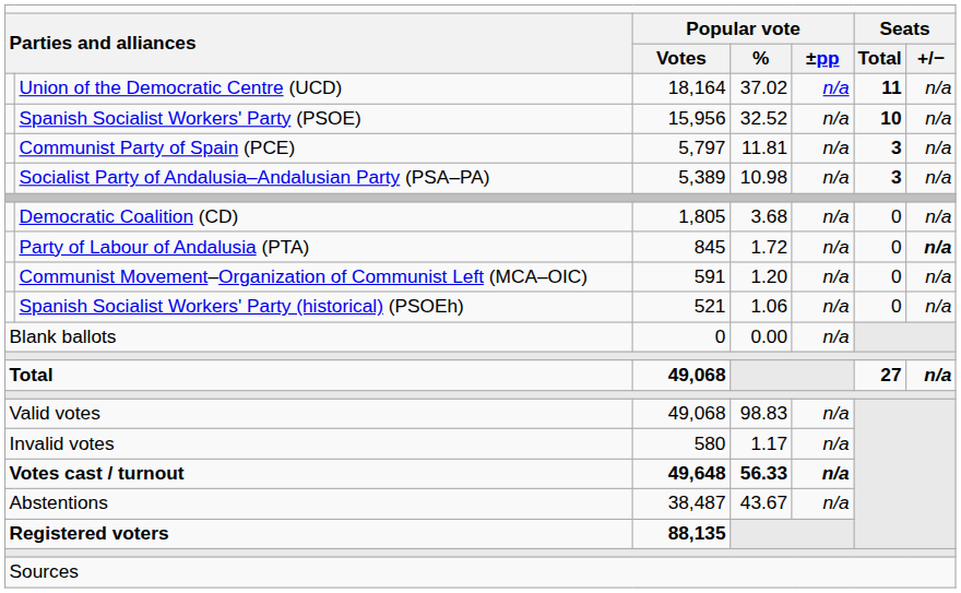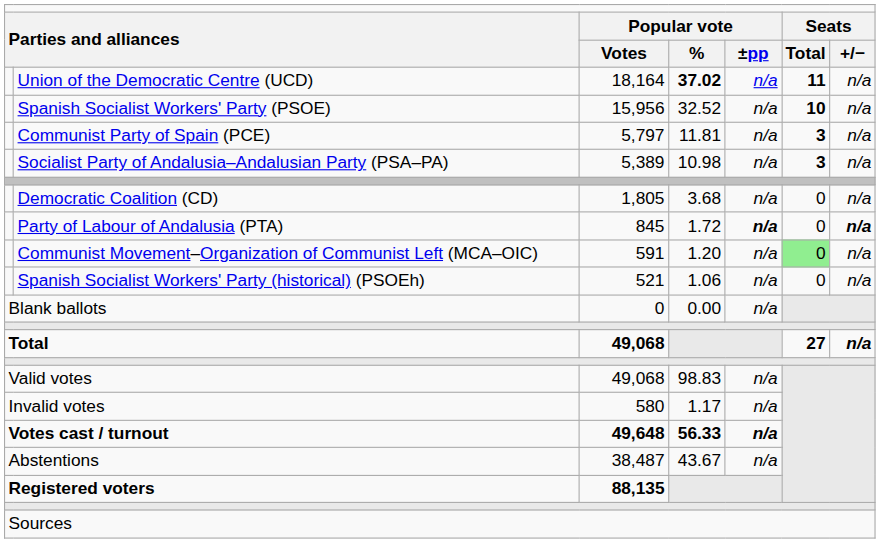 <table class="wikitable" style="text-align:right;">
 <tr>
 <td colspan="7"></td>
 </tr>
 <tr>
 <th style="text-align:left;" rowspan="2" colspan="2" width="525">Parties and alliances</th>
 <th colspan="3">Popular vote</th>
 <th colspan="2">Seats</th>
 </tr>
 <tr>
 <th width="75">Votes</th>
 <th width="45">%</th>
 <th width="45">±<a href='#'>pp</a></th>
 <th width="35">Total</th>
 <th width="35">+/−</th>
 </tr>
 <tr>
 <td width="1" style="color:inherit;background:"></td>
 <td align="left"><a href='#'>Union of the Democratic Centre</a> (UCD)</td>
 <td>18,164</td>
-<td>37.02</td>
+<td><strong>37.02</strong></td>
 <td><em><a href='#'>n/a</a></em></td>
 <td><strong>11</strong></td>
 <td><em>n/a</em></td>
 </tr>
 <tr>
 <td style="color:inherit;background:"></td>
 <td align="left"><a href='#'>Spanish Socialist Workers' Party</a> (PSOE)</td>
 <td>15,956</td>
 <td>32.52</td>
 <td><em>n/a</em></td>
 <td><strong>10</strong></td>
 <td><em>n/a</em></td>
 </tr>
 <tr>
 <td style="color:inherit;background:"></td>
 <td align="left"><a href='#'>Communist Party of Spain</a> (PCE)</td>
 <td>5,797</td>
 <td>11.81</td>
 <td><em>n/a</em></td>
 <td><strong>3</strong></td>
 <td><em>n/a</em></td>
 </tr>
 <tr>
 <td style="color:inherit;background:"></td>
 <td align="left"><a href='#'>Socialist Party of Andalusia–Andalusian Party</a> (PSA–PA)</td>
 <td>5,389</td>
 <td>10.98</td>
 <td><em>n/a</em></td>
 <td><strong>3</strong></td>
 <td><em>n/a</em></td>
 </tr>
 <tr>
 <td colspan="7" bgcolor="#C0C0C0"></td>
 </tr>
 <tr>
 <td style="color:inherit;background:"></td>
 <td align="left"><a href='#'>Democratic Coalition</a> (CD)</td>
 <td>1,805</td>
 <td>3.68</td>
 <td><em>n/a</em></td>
 <td>0</td>
 <td><em>n/a</em></td>
 </tr>
 <tr>
 <td style="color:inherit;background:"></td>
 <td align="left"><a href='#'>Party of Labour of Andalusia</a> (PTA)</td>
 <td>845</td>
 <td>1.72</td>
-<td><em>n/a</em></td>
+<td><strong><em>n/a</em></strong></td>
 <td>0</td>
 <td><strong><em>n/a</em></strong></td>
 </tr>
 <tr>
 <td style="color:inherit;background:"></td>
 <td align="left"><a href='#'>Communist Movement</a>–<a href='#'>Organization of Communist Left</a> (MCA–OIC)</td>
 <td>591</td>
 <td>1.20</td>
 <td><em>n/a</em></td>
-<td>0</td>
+<td style="background: lightgreen;">0</td>
 <td><em>n/a</em></td>
 </tr>
 <tr>
 <td style="color:inherit;background:"></td>
 <td align="left"><a href='#'>Spanish Socialist Workers' Party (historical)</a> (PSOEh)</td>
 <td>521</td>
 <td>1.06</td>
 <td><em>n/a</em></td>
 <td>0</td>
 <td><em>n/a</em></td>
 </tr>
 <tr>
 <td align="left" colspan="2">Blank ballots</td>
 <td>0</td>
 <td>0.00</td>
 <td><em>n/a</em></td>
 <td bgcolor="#E9E9E9" colspan="2"></td>
 </tr>
 <tr>
 <td colspan="7" bgcolor="#E9E9E9"></td>
 </tr>
 <tr style="font-weight:bold;">
 <td align="left" colspan="2">Total</td>
 <td>49,068</td>
 <td bgcolor="#E9E9E9" colspan="2"></td>
 <td>27</td>
 <td><em>n/a</em></td>
 </tr>
 <tr>
 <td colspan="7" bgcolor="#E9E9E9"></td>
 </tr>
 <tr>
 <td align="left" colspan="2">Valid votes</td>
 <td>49,068</td>
 <td>98.83</td>
 <td><em>n/a</em></td>
 <td bgcolor="#E9E9E9" colspan="2" rowspan="5"></td>
 </tr>
 <tr>
 <td align="left" colspan="2">Invalid votes</td>
 <td>580</td>
 <td>1.17</td>
 <td><em>n/a</em></td>
 </tr>
 <tr style="font-weight:bold;">
 <td align="left" colspan="2">Votes cast / turnout</td>
 <td>49,648</td>
 <td>56.33</td>
 <td><em>n/a</em></td>
 </tr>
 <tr>
 <td align="left" colspan="2">Abstentions</td>
 <td>38,487</td>
 <td>43.67</td>
 <td><em>n/a</em></td>
 </tr>
 <tr style="font-weight:bold;">
 <td align="left" colspan="2">Registered voters</td>
 <td>88,135</td>
 <td bgcolor="#E9E9E9" colspan="2"></td>
 </tr>
 <tr>
 <td colspan="7" bgcolor="#E9E9E9"></td>
 </tr>
 <tr>
 <td align="left" colspan="7">Sources</td>
 </tr>
 </table>
